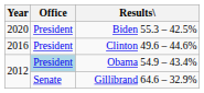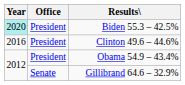 <table class=wikitable>
 <tr>
 <th width="30">Year</th>
 <th width="60">Office</th>
 <th width="180">Results\</th>
 </tr>
 <tr>
-<td>2020</td>
+<td style="background: paleturquoise;">2020</td>
 <td><a href='#'>President</a></td>
 <td align="right" ><a href='#'>Biden</a> 55.3 – 42.5%</td>
 </tr>
 <tr>
 <td>2016</td>
 <td><a href='#'>President</a></td>
 <td align="right" ><a href='#'>Clinton</a> 49.6 – 44.6%</td>
 </tr>
 <tr>
 <td rowspan="2">2012</td>
-<td style="background: lightblue;"><a href='#'>President</a></td>
+<td><a href='#'>President</a></td>
 <td align="right" ><a href='#'>Obama</a> 54.9 – 43.4%</td>
 </tr>
 <tr>
 <td><a href='#'>Senate</a></td>
 <td align="right" ><a href='#'>Gillibrand</a> 64.6 – 32.9%</td>
 </tr>
 </table>
